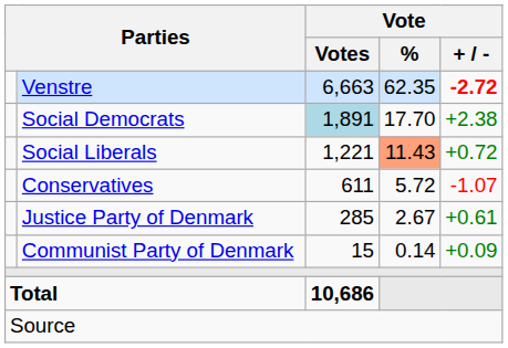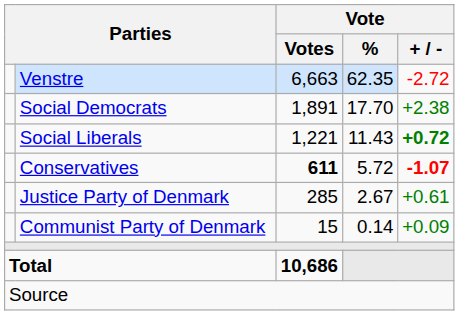 <table class="wikitable" style="text-align:right;">
 <tr>
 <th style="text-align:centre;" rowspan="2" colspan="2" width="225">Parties</th>
 <th colspan="3">Vote</th>
 </tr>
 <tr>
 <th width="15">Votes</th>
 <th width="15">%</th>
 <th width="15">+ / -</th>
 </tr>
 <tr>
 <td width="2" style="color:inherit;background:"></td>
 <td bgcolor=#cfe5fe  align="left"><a href='#'>Venstre</a></td>
 <td bgcolor=#cfe5fe>6,663</td>
 <td bgcolor=#cfe5fe>62.35</td>
-<td style=color:red;><strong>-2.72</strong></td>
+<td style=color:red;>-2.72</td>
 </tr>
 <tr>
 <td width="2" style="color:inherit;background:"></td>
 <td align="left"><a href='#'>Social Democrats</a></td>
-<td style="background: lightblue;">1,891</td>
+<td>1,891</td>
 <td>17.70</td>
 <td style=color:green;>+2.38</td>
 </tr>
 <tr>
 <td width="2" style="color:inherit;background:"></td>
 <td align="left"><a href='#'>Social Liberals</a></td>
 <td>1,221</td>
-<td style="background: lightsalmon;">11.43</td>
-<td style=color:green;>+0.72</td>
+<td>11.43</td>
+<td style=color:green;><strong>+0.72</strong></td>
 </tr>
 <tr>
 <td width="2" style="color:inherit;background:"></td>
 <td align="left"><a href='#'>Conservatives</a></td>
-<td>611</td>
+<td><strong>611</strong></td>
 <td>5.72</td>
-<td style=color:red;>-1.07</td>
+<td style=color:red;><strong>-1.07</strong></td>
 </tr>
 <tr>
 <td width="2" style="color:inherit;background:"></td>
 <td align="left"><a href='#'>Justice Party of Denmark</a></td>
 <td>285</td>
 <td>2.67</td>
 <td style=color:green;>+0.61</td>
 </tr>
 <tr>
 <td width="2" style="color:inherit;background:"></td>
 <td align="left"><a href='#'>Communist Party of Denmark</a></td>
 <td>15</td>
 <td>0.14</td>
 <td style=color:green;>+0.09</td>
 </tr>
 <tr>
 <td colspan="7" bgcolor="#E9E9E9"></td>
 </tr>
 <tr>
 <td align="left" colspan="2"><strong>Total</strong></td>
 <td><strong>10,686</strong></td>
 <td bgcolor="#E9E9E9" colspan="2"></td>
 </tr>
 <tr>
 <td align="left" colspan="6">Source</td>
 </tr>
 </table>
